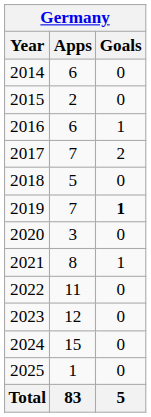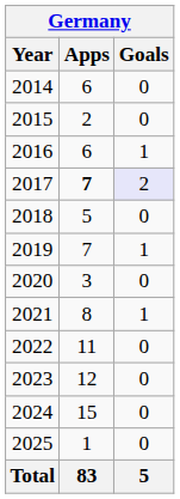 <table class="wikitable" style="text-align:center">
 <tr>
 <th colspan=3><a href='#'>Germany</a></th>
 </tr>
 <tr>
 <th>Year</th>
 <th>Apps</th>
 <th>Goals</th>
 </tr>
 <tr>
 <td>2014</td>
 <td>6</td>
 <td>0</td>
 </tr>
 <tr>
 <td>2015</td>
 <td>2</td>
 <td>0</td>
 </tr>
 <tr>
 <td>2016</td>
 <td>6</td>
 <td>1</td>
 </tr>
 <tr>
 <td>2017</td>
-<td>7</td>
-<td>2</td>
+<td><strong>7</strong></td>
+<td style="background: lavender;">2</td>
 </tr>
 <tr>
 <td>2018</td>
 <td>5</td>
 <td>0</td>
 </tr>
 <tr>
 <td>2019</td>
 <td>7</td>
-<td><strong>1</strong></td>
+<td>1</td>
 </tr>
 <tr>
 <td>2020</td>
 <td>3</td>
 <td>0</td>
 </tr>
 <tr>
 <td>2021</td>
 <td>8</td>
 <td>1</td>
 </tr>
 <tr>
 <td>2022</td>
 <td>11</td>
 <td>0</td>
 </tr>
 <tr>
 <td>2023</td>
 <td>12</td>
 <td>0</td>
 </tr>
 <tr>
 <td>2024</td>
 <td>15</td>
 <td>0</td>
 </tr>
 <tr>
 <td>2025</td>
 <td>1</td>
 <td>0</td>
 </tr>
 <tr>
 <th>Total</th>
 <th>83</th>
 <th>5</th>
 </tr>
 </table>
